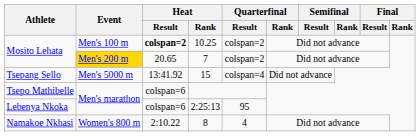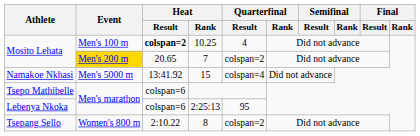 <table class="wikitable" style="font-size:90%">
 <tr>
 <th rowspan="2">Athlete</th>
 <th rowspan="2">Event</th>
 <th colspan="2">Heat</th>
 <th colspan="2">Quarterfinal</th>
 <th colspan="2">Semifinal</th>
 <th colspan="2">Final</th>
 </tr>
 <tr style="font-size:95%">
 <th>Result</th>
 <th>Rank</th>
 <th>Result</th>
 <th>Rank</th>
 <th>Result</th>
 <th>Rank</th>
 <th>Result</th>
 <th>Rank</th>
 </tr>
 <tr align=center>
 <td align=left rowspan=2><a href='#'>Mosito Lehata</a></td>
 <td align=left><a href='#'>Men's 100 m</a></td>
 <td><strong>colspan=2 </strong></td>
 <td>10.25</td>
-<td>colspan=2 </td>
+<td>4</td>
 <td colspan=4>Did not advance</td>
 </tr>
 <tr align=center>
 <td align=left style="background: gold;"><a href='#'>Men's 200 m</a></td>
 <td>20.65</td>
 <td>7</td>
 <td>colspan=2 </td>
 <td colspan=4>Did not advance</td>
 </tr>
 <tr align=center>
-<td align=left><a href='#'>Tsepang Sello</a></td>
+<td align=left><a href='#'>Namakoe Nkhasi</a></td>
 <td align=left><a href='#'>Men's 5000 m</a></td>
 <td>13:41.92</td>
 <td>15</td>
 <td>colspan=4 </td>
 <td colspan=2>Did not advance</td>
 </tr>
 <tr align=center>
 <td align=left><a href='#'>Tsepo Mathibelle</a></td>
 <td align=left rowspan=2><a href='#'>Men's marathon</a></td>
 <td>colspan=6 </td>
 <td colspan=2></td>
 </tr>
 <tr align=center>
 <td align=left><a href='#'>Lebenya Nkoka</a></td>
 <td>colspan=6 </td>
 <td>2:25:13</td>
 <td>95</td>
 </tr>
 <tr align=center>
-<td align=left><a href='#'>Namakoe Nkhasi</a></td>
+<td align=left><a href='#'>Tsepang Sello</a></td>
 <td align=left><a href='#'>Women's 800 m</a></td>
 <td>2:10.22</td>
 <td>8</td>
-<td>4</td>
+<td>colspan=2 </td>
 <td colspan=4>Did not advance</td>
 </tr>
 </table>
